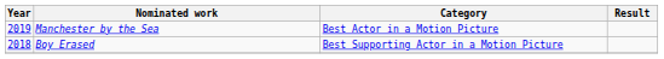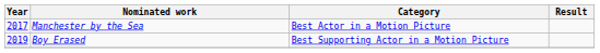 <table class="wikitable">
 <tr>
 <th scope="col" style="width:1em;">Year</th>
 <th scope="col" style="width:35em;">Nominated work</th>
 <th scope="col" style="width:35em;">Category</th>
 <th scope="col" style="width:5em;">Result</th>
 </tr>
 <tr>
-<td><a href='#'>2019</a></td>
+<td><a href='#'>2017</a></td>
 <td><em><a href='#'>Manchester by the Sea</a></em></td>
 <td><a href='#'>Best Actor in a Motion Picture</a></td>
 <td></td>
 </tr>
 <tr>
-<td><a href='#'>2018</a></td>
+<td><a href='#'>2019</a></td>
 <td><em><a href='#'>Boy Erased</a></em></td>
 <td><a href='#'>Best Supporting Actor in a Motion Picture</a></td>
 <td></td>
 </tr>
 <tr>
 </tr>
 </table>
